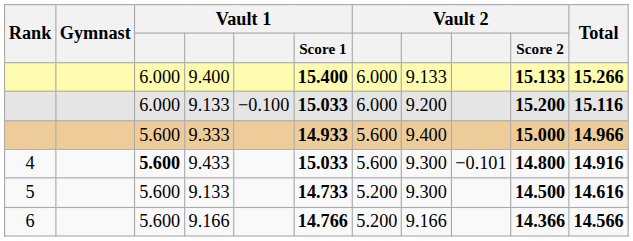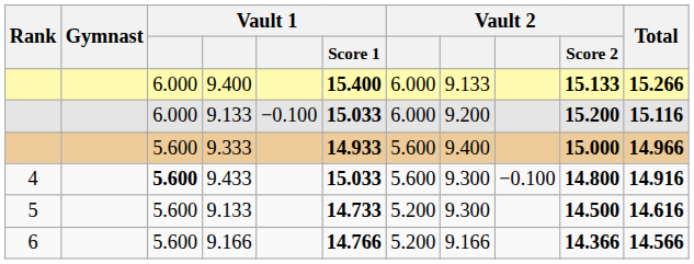 <table class="wikitable sortable" style="text-align:center">
 <tr>
 <th rowspan=2>Rank</th>
 <th rowspan=2>Gymnast</th>
 <th colspan=4>Vault 1</th>
 <th colspan=4>Vault 2</th>
 <th rowspan=2>Total</th>
 </tr>
 <tr>
 <th><small></small></th>
 <th><small></small></th>
 <th><small></small></th>
 <th><small>Score 1</small></th>
 <th><small></small></th>
 <th><small></small></th>
 <th><small></small></th>
 <th><small>Score 2</small></th>
 </tr>
 <tr style="background:#fffcaf;">
 <td></td>
 <td align=left></td>
 <td>6.000</td>
 <td>9.400</td>
 <td></td>
 <td><strong>15.400</strong></td>
 <td>6.000</td>
 <td>9.133</td>
 <td></td>
 <td><strong>15.133</strong></td>
 <td><strong>15.266</strong></td>
 </tr>
 <tr style="background:#e5e5e5;">
 <td></td>
 <td align=left></td>
 <td>6.000</td>
 <td>9.133</td>
 <td>−0.100</td>
 <td><strong>15.033</strong></td>
 <td>6.000</td>
 <td>9.200</td>
 <td></td>
 <td><strong>15.200</strong></td>
 <td><strong>15.116</strong></td>
 </tr>
 <tr style="background:#ec9;">
 <td></td>
 <td align=left></td>
 <td>5.600</td>
 <td>9.333</td>
 <td></td>
 <td><strong>14.933</strong></td>
 <td>5.600</td>
 <td>9.400</td>
 <td></td>
 <td><strong>15.000</strong></td>
 <td><strong>14.966</strong></td>
 </tr>
 <tr>
 <td>4</td>
 <td align=left></td>
 <td><strong>5.600</strong></td>
 <td>9.433</td>
 <td></td>
 <td><strong>15.033</strong></td>
 <td>5.600</td>
 <td>9.300</td>
-<td>−0.101</td>
+<td>−0.100</td>
 <td><strong>14.800</strong></td>
 <td><strong>14.916</strong></td>
 </tr>
 <tr>
 <td>5</td>
 <td align=left></td>
 <td>5.600</td>
 <td>9.133</td>
 <td></td>
 <td><strong>14.733</strong></td>
 <td>5.200</td>
 <td>9.300</td>
 <td></td>
 <td><strong>14.500</strong></td>
 <td><strong>14.616</strong></td>
 </tr>
 <tr>
 <td>6</td>
 <td align=left></td>
 <td>5.600</td>
 <td>9.166</td>
 <td></td>
 <td><strong>14.766</strong></td>
 <td>5.200</td>
 <td>9.166</td>
 <td></td>
 <td><strong>14.366</strong></td>
 <td><strong>14.566</strong></td>
 </tr>
 </table>
